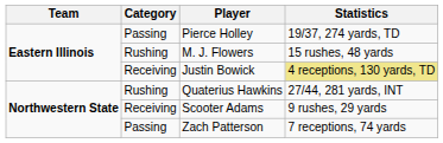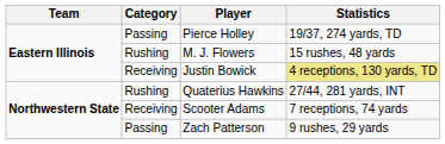 <table class="wikitable" style="float: right;">
 <tr>
 <th>Team</th>
 <th>Category</th>
 <th>Player</th>
 <th>Statistics</th>
 </tr>
 <tr>
 <td rowspan=3><strong>Eastern Illinois</strong></td>
 <td>Passing</td>
 <td>Pierce Holley</td>
 <td>19/37, 274 yards, TD</td>
 </tr>
 <tr>
 <td>Rushing</td>
 <td>M. J. Flowers</td>
 <td>15 rushes, 48 yards</td>
 </tr>
 <tr>
 <td>Receiving</td>
 <td>Justin Bowick</td>
 <td style="background: khaki;">4 receptions, 130 yards, TD</td>
 </tr>
 <tr>
 <td rowspan=3><strong>Northwestern State</strong></td>
 <td>Rushing</td>
 <td>Quaterius Hawkins</td>
 <td>27/44, 281 yards, INT</td>
 </tr>
 <tr>
 <td>Receiving</td>
 <td>Scooter Adams</td>
-<td>9 rushes, 29 yards</td>
+<td>7 receptions, 74 yards</td>
 </tr>
 <tr>
 <td>Passing</td>
 <td>Zach Patterson</td>
-<td>7 receptions, 74 yards</td>
+<td>9 rushes, 29 yards</td>
 </tr>
 </table>
